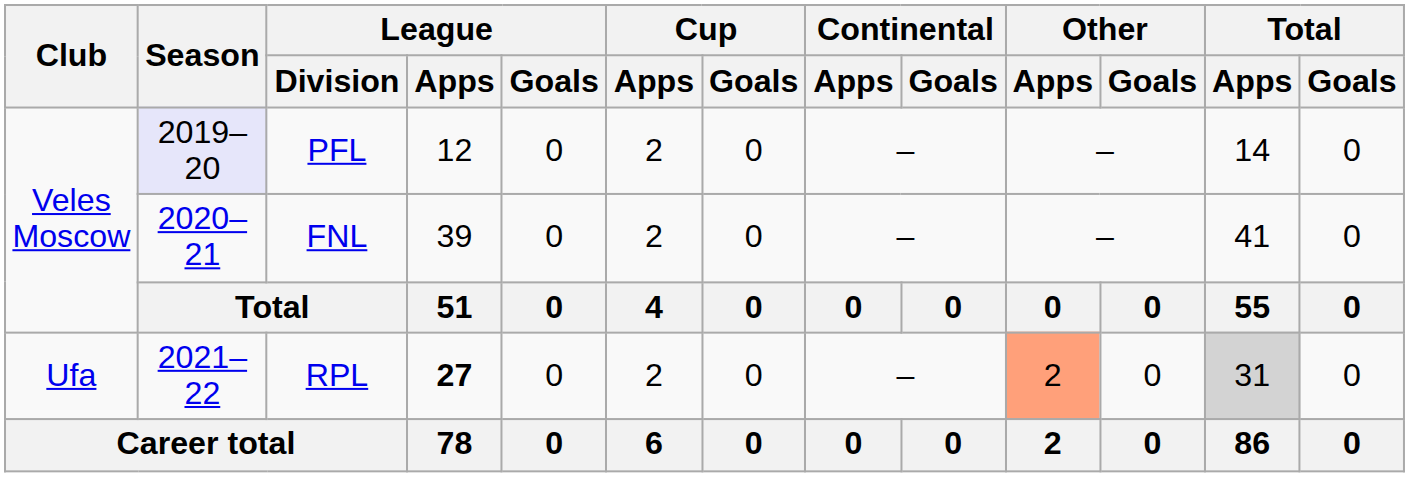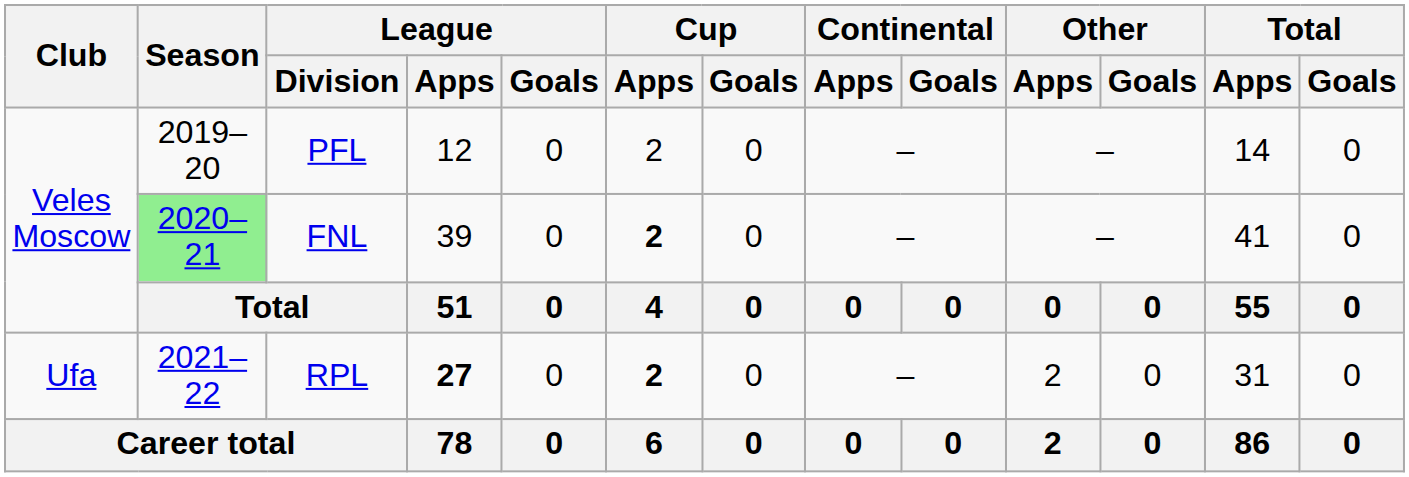 <table class="wikitable" style="text-align: center;">
 <tr>
 <th rowspan=2>Club</th>
 <th rowspan=2>Season</th>
 <th colspan=3>League</th>
 <th colspan=2>Cup</th>
 <th colspan=2>Continental</th>
 <th colspan=2>Other</th>
 <th colspan=2>Total</th>
 </tr>
 <tr>
 <th>Division</th>
 <th>Apps</th>
 <th>Goals</th>
 <th>Apps</th>
 <th>Goals</th>
 <th>Apps</th>
 <th>Goals</th>
 <th>Apps</th>
 <th>Goals</th>
 <th>Apps</th>
 <th>Goals</th>
 </tr>
 <tr>
 <td rowspan="3"><a href='#'>Veles Moscow</a></td>
-<td style="background: lavender;">2019–20</td>
+<td>2019–20</td>
 <td><a href='#'>PFL</a></td>
 <td>12</td>
 <td>0</td>
 <td>2</td>
 <td>0</td>
 <td colspan=2>–</td>
 <td colspan=2>–</td>
 <td>14</td>
 <td>0</td>
 </tr>
 <tr>
-<td><a href='#'>2020–21</a></td>
+<td style="background: lightgreen;"><a href='#'>2020–21</a></td>
 <td><a href='#'>FNL</a></td>
 <td>39</td>
 <td>0</td>
-<td>2</td>
+<td><strong>2</strong></td>
 <td>0</td>
 <td colspan=2>–</td>
 <td colspan=2>–</td>
 <td>41</td>
 <td>0</td>
 </tr>
 <tr>
 <th colspan=2>Total</th>
 <th>51</th>
 <th>0</th>
 <th>4</th>
 <th>0</th>
 <th>0</th>
 <th>0</th>
 <th>0</th>
 <th>0</th>
 <th>55</th>
 <th>0</th>
 </tr>
 <tr>
 <td><a href='#'>Ufa</a></td>
 <td><a href='#'>2021–22</a></td>
 <td><a href='#'>RPL</a></td>
 <td><strong>27</strong></td>
 <td>0</td>
+<td><strong>2</strong></td>
+<td>0</td>
+<td colspan=2>–</td>
 <td>2</td>
 <td>0</td>
-<td colspan=2>–</td>
-<td style="background: lightsalmon;">2</td>
-<td>0</td>
-<td style="background: lightgrey;">31</td>
+<td>31</td>
 <td>0</td>
 </tr>
 <tr>
 <th colspan=3>Career total</th>
 <th>78</th>
 <th>0</th>
 <th>6</th>
 <th>0</th>
 <th>0</th>
 <th>0</th>
 <th>2</th>
 <th>0</th>
 <th>86</th>
 <th>0</th>
 </tr>
 </table>
